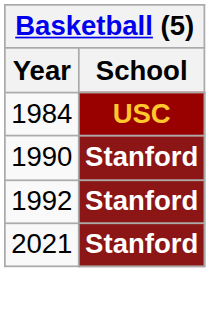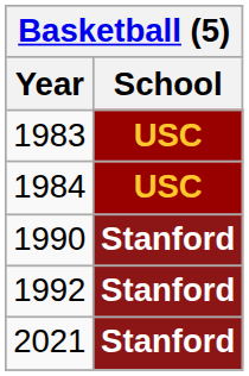 <table class="wikitable">
 <tr>
 <th colspan=2><a href='#'>Basketball</a> (5)</th>
 </tr>
 <tr>
 <th>Year</th>
 <th>School</th>
+</tr>
+<tr>
+<td>1983</td>
+<th style="background:#990000; color:#FFC72C;">USC</th>
 </tr>
 <tr>
 <td>1984</td>
 <th style="background:#990000; color:#FFC72C;">USC</th>
 </tr>
 <tr>
 <td>1990</td>
 <th style="background:#8C1515; color:#FFFFFF;">Stanford</th>
 </tr>
 <tr>
 <td>1992</td>
 <th style="background:#8C1515; color:#FFFFFF;">Stanford</th>
 </tr>
 <tr>
 <td>2021</td>
 <th style="background:#8C1515; color:#FFFFFF;">Stanford</th>
 </tr>
 </table>
